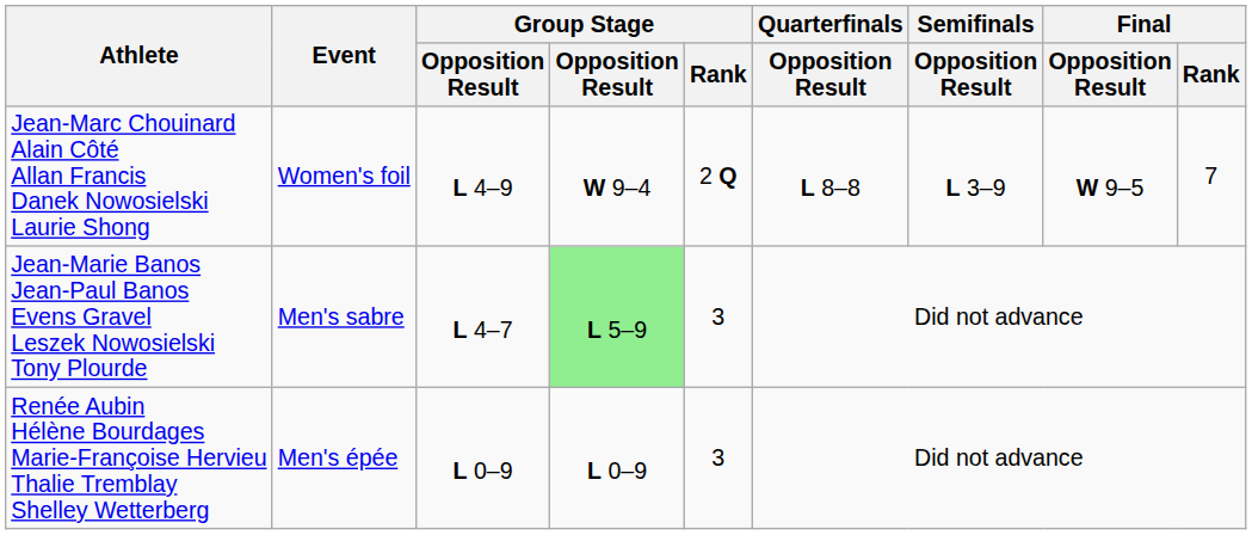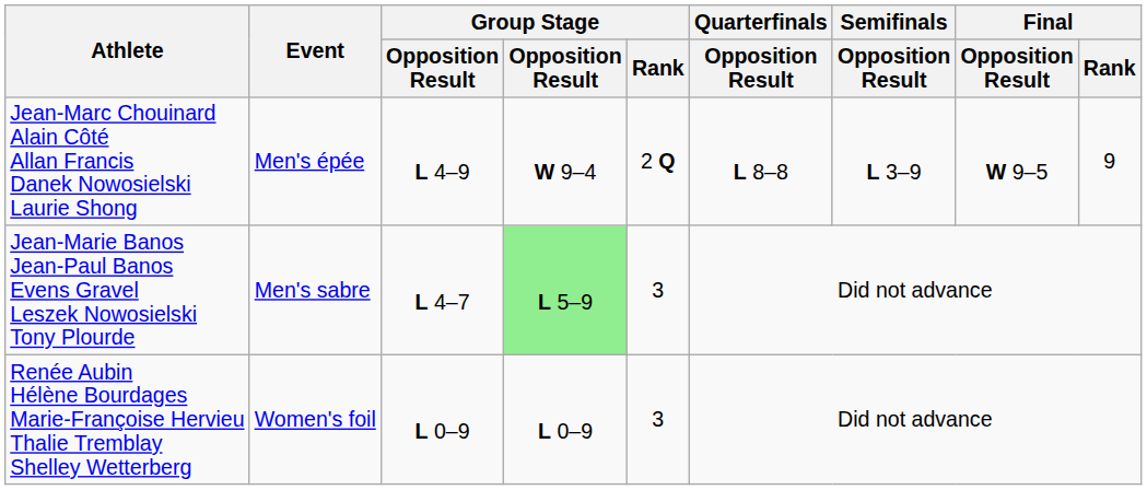 <table class=wikitable style="font-size:90%">
 <tr>
 <th rowspan="2">Athlete</th>
 <th rowspan="2">Event</th>
 <th colspan="3">Group Stage</th>
 <th>Quarterfinals</th>
 <th>Semifinals</th>
 <th colspan="2">Final</th>
 </tr>
 <tr>
 <th>Opposition<br>Result</th>
 <th>Opposition<br>Result</th>
 <th>Rank</th>
 <th>Opposition<br>Result</th>
 <th>Opposition<br>Result</th>
 <th>Opposition<br>Result</th>
 <th>Rank</th>
 </tr>
 <tr align=center>
 <td align=left><a href='#'>Jean-Marc Chouinard</a><br><a href='#'>Alain Côté</a><br><a href='#'>Allan Francis</a><br><a href='#'>Danek Nowosielski</a><br><a href='#'>Laurie Shong</a></td>
-<td align=left><a href='#'>Women's foil</a></td>
+<td align=left><a href='#'>Men's épée</a></td>
 <td><br><strong>L</strong> 4–9</td>
 <td><br><strong>W</strong> 9–4</td>
 <td>2 <strong>Q</strong></td>
 <td><br><strong>L</strong> 8–8</td>
 <td><br><strong>L</strong> 3–9</td>
 <td><br><strong>W</strong> 9–5</td>
-<td>7</td>
+<td>9</td>
 </tr>
 <tr align=center>
 <td align=left><a href='#'>Jean-Marie Banos</a><br><a href='#'>Jean-Paul Banos</a><br><a href='#'>Evens Gravel</a><br><a href='#'>Leszek Nowosielski</a><br><a href='#'>Tony Plourde</a></td>
 <td align=left><a href='#'>Men's sabre</a></td>
 <td><br><strong>L</strong> 4–7</td>
 <td style="background: lightgreen;"><br><strong>L</strong> 5–9</td>
 <td>3</td>
 <td colspan=4>Did not advance</td>
 </tr>
 <tr align=center>
 <td align=left><a href='#'>Renée Aubin</a><br><a href='#'>Hélène Bourdages</a><br><a href='#'>Marie-Françoise Hervieu</a><br><a href='#'>Thalie Tremblay</a><br><a href='#'>Shelley Wetterberg</a></td>
-<td align=left><a href='#'>Men's épée</a></td>
+<td align=left><a href='#'>Women's foil</a></td>
 <td><br><strong>L</strong> 0–9</td>
 <td><br><strong>L</strong> 0–9</td>
 <td>3</td>
 <td colspan=4>Did not advance</td>
 </tr>
 </table>
